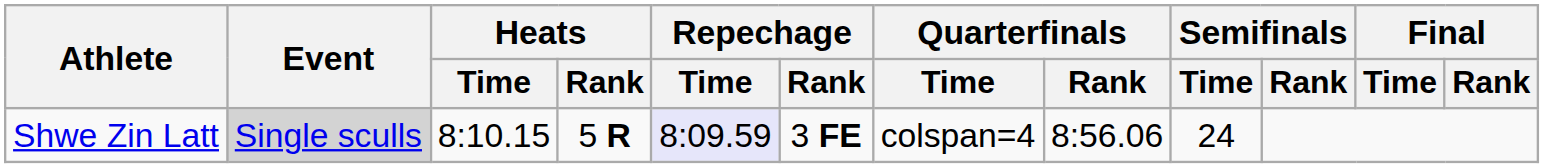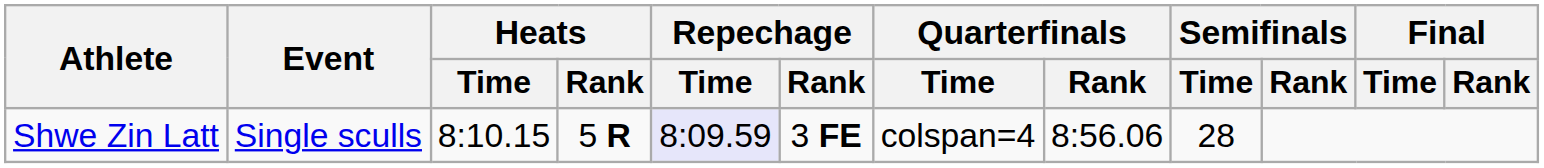 <table class="wikitable" style="font-size:90%">
 <tr>
 <th rowspan="2">Athlete</th>
 <th rowspan="2">Event</th>
 <th colspan="2">Heats</th>
 <th colspan="2">Repechage</th>
 <th colspan=2>Quarterfinals</th>
 <th colspan="2">Semifinals</th>
 <th colspan="2">Final</th>
 </tr>
 <tr style="font-size:95%">
 <th>Time</th>
 <th>Rank</th>
 <th>Time</th>
 <th>Rank</th>
 <th>Time</th>
 <th>Rank</th>
 <th>Time</th>
 <th>Rank</th>
 <th>Time</th>
 <th>Rank</th>
 </tr>
 <tr align=center>
 <td align=left><a href='#'>Shwe Zin Latt</a></td>
-<td align=left style="background: lightgrey;"><a href='#'>Single sculls</a></td>
+<td align=left><a href='#'>Single sculls</a></td>
 <td>8:10.15</td>
 <td>5 <strong>R</strong></td>
 <td style="background: lavender;">8:09.59</td>
 <td>3 <strong>FE</strong></td>
 <td>colspan=4  </td>
 <td>8:56.06</td>
-<td>24</td>
+<td>28</td>
 </tr>
 </table>
